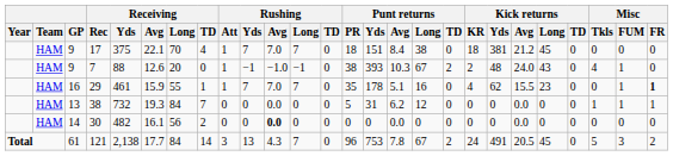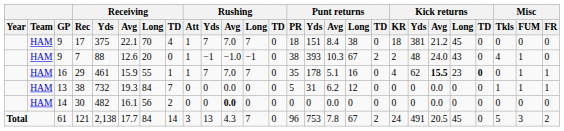 <table class="wikitable">
 <tr>
 <th colspan=3></th>
 <th colspan=5>Receiving</th>
 <th colspan=5>Rushing</th>
 <th colspan=5>Punt returns</th>
 <th colspan=5>Kick returns</th>
 <th colspan=3>Misc</th>
 </tr>
 <tr>
 <th>Year</th>
 <th>Team</th>
 <th>GP</th>
 <th>Rec</th>
 <th>Yds</th>
 <th>Avg</th>
 <th>Long</th>
 <th>TD</th>
 <th>Att</th>
 <th>Yds</th>
 <th>Avg</th>
 <th>Long</th>
 <th>TD</th>
 <th>PR</th>
 <th>Yds</th>
 <th>Avg</th>
 <th>Long</th>
 <th>TD</th>
 <th>KR</th>
 <th>Yds</th>
 <th>Avg</th>
 <th>Long</th>
 <th>TD</th>
 <th>Tkls</th>
 <th>FUM</th>
 <th>FR</th>
 </tr>
 <tr>
 <td></td>
 <td><a href='#'>HAM</a></td>
 <td>9</td>
 <td>17</td>
 <td>375</td>
 <td>22.1</td>
 <td>70</td>
 <td>4</td>
 <td>1</td>
 <td>7</td>
 <td>7.0</td>
 <td>7</td>
 <td>0</td>
 <td>18</td>
 <td>151</td>
 <td>8.4</td>
 <td>38</td>
 <td>0</td>
 <td>18</td>
 <td>381</td>
 <td>21.2</td>
 <td>45</td>
 <td>0</td>
 <td>0</td>
 <td>0</td>
 <td>0</td>
 </tr>
 <tr>
 <td></td>
 <td><a href='#'>HAM</a></td>
 <td>9</td>
 <td>7</td>
 <td>88</td>
 <td>12.6</td>
 <td>20</td>
 <td>0</td>
 <td>1</td>
 <td>−1</td>
 <td>−1.0</td>
 <td>−1</td>
 <td>0</td>
 <td>38</td>
 <td>393</td>
 <td>10.3</td>
 <td>67</td>
 <td>2</td>
 <td>2</td>
 <td>48</td>
 <td>24.0</td>
 <td>43</td>
 <td>0</td>
 <td>4</td>
 <td>1</td>
 <td>0</td>
 </tr>
 <tr>
 <td></td>
 <td><a href='#'>HAM</a></td>
 <td>16</td>
 <td>29</td>
 <td>461</td>
 <td>15.9</td>
 <td>55</td>
 <td>1</td>
 <td>1</td>
 <td>7</td>
 <td>7.0</td>
 <td>7</td>
 <td>0</td>
 <td>35</td>
 <td>178</td>
 <td>5.1</td>
 <td>16</td>
 <td>0</td>
 <td>4</td>
 <td>62</td>
-<td>15.5</td>
+<td><strong>15.5</strong></td>
 <td>23</td>
-<td>0</td>
+<td><strong>0</strong></td>
 <td>0</td>
 <td>1</td>
-<td><strong>1</strong></td>
+<td>1</td>
 </tr>
 <tr>
 <td></td>
 <td><a href='#'>HAM</a></td>
 <td>13</td>
 <td>38</td>
 <td>732</td>
 <td>19.3</td>
 <td>84</td>
 <td>7</td>
 <td>0</td>
 <td>0</td>
 <td>0.0</td>
 <td>0</td>
 <td>0</td>
 <td>5</td>
 <td>31</td>
 <td>6.2</td>
 <td>12</td>
 <td>0</td>
 <td>0</td>
 <td>0</td>
 <td>0.0</td>
 <td>0</td>
 <td>0</td>
 <td>1</td>
 <td>1</td>
 <td>1</td>
 </tr>
 <tr>
 <td></td>
 <td><a href='#'>HAM</a></td>
 <td>14</td>
 <td>30</td>
 <td>482</td>
 <td>16.1</td>
 <td>56</td>
 <td>2</td>
 <td>0</td>
 <td>0</td>
 <td><strong>0.0</strong></td>
 <td>0</td>
 <td>0</td>
 <td>0</td>
 <td>0</td>
 <td>0.0</td>
 <td>0</td>
 <td>0</td>
 <td>0</td>
 <td>0</td>
 <td>0.0</td>
 <td>0</td>
 <td>0</td>
 <td>0</td>
 <td>0</td>
 <td>0</td>
 </tr>
 <tr>
 <td colspan=2><strong>Total</strong></td>
 <td>61</td>
 <td>121</td>
 <td>2,138</td>
 <td>17.7</td>
 <td>84</td>
 <td>14</td>
 <td>3</td>
 <td>13</td>
 <td>4.3</td>
 <td>7</td>
 <td>0</td>
 <td>96</td>
 <td>753</td>
 <td>7.8</td>
 <td>67</td>
 <td>2</td>
 <td>24</td>
 <td>491</td>
 <td>20.5</td>
 <td>45</td>
 <td>0</td>
 <td>5</td>
 <td>3</td>
 <td>2</td>
 </tr>
 </table>
